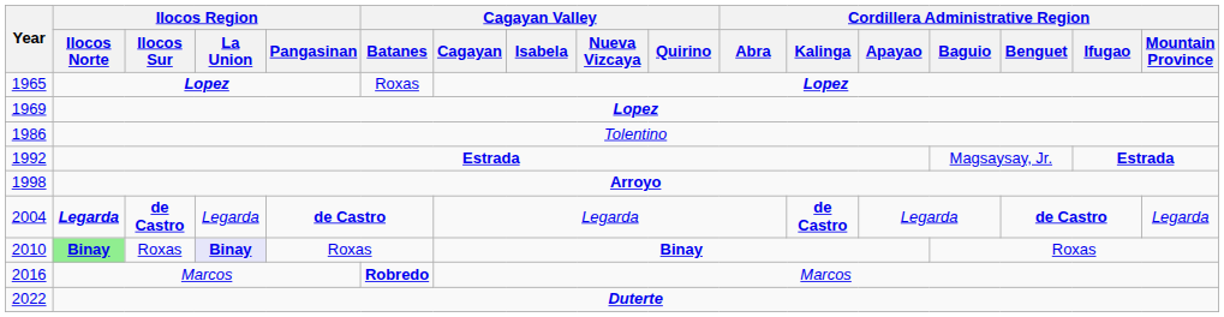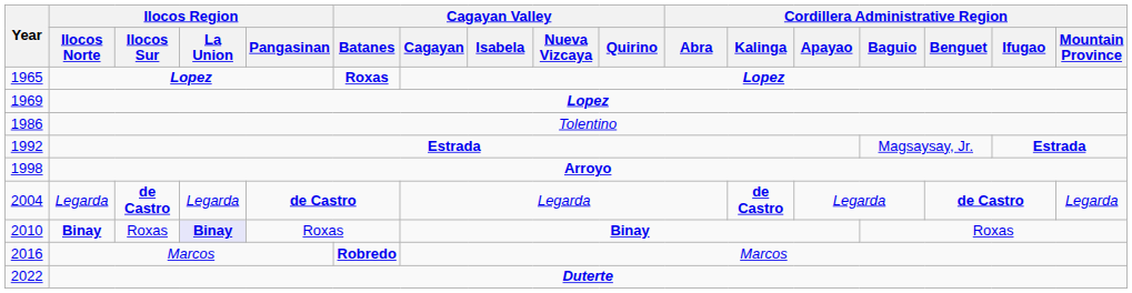 <table class="wikitable" style="text-align:center;">
 <tr>
 <th rowspan="2" width="4%">Year</th>
 <th colspan="4"><a href='#'>Ilocos Region</a></th>
 <th colspan="5"><a href='#'>Cagayan Valley</a></th>
 <th colspan="7"><a href='#'>Cordillera Administrative Region</a></th>
 </tr>
 <tr>
 <th width="6%"><a href='#'>Ilocos Norte</a></th>
 <th width="6%"><a href='#'>Ilocos Sur</a></th>
 <th width="6%"><a href='#'>La Union</a></th>
 <th width="6%"><a href='#'>Pangasinan</a></th>
 <th width="6%"><a href='#'>Batanes</a></th>
 <th width="6%"><a href='#'>Cagayan</a></th>
 <th width="6%"><a href='#'>Isabela</a></th>
 <th width="6%"><a href='#'>Nueva Vizcaya</a></th>
 <th width="6%"><a href='#'>Quirino</a></th>
 <th width="6%"><a href='#'>Abra</a></th>
 <th width="6%"><a href='#'>Kalinga</a></th>
 <th width="6%"><a href='#'>Apayao</a></th>
 <th width="6%"><a href='#'>Baguio</a></th>
 <th width="6%"><a href='#'>Benguet</a></th>
 <th width="6%"><a href='#'>Ifugao</a></th>
 <th width="6%"><a href='#'>Mountain Province</a></th>
 </tr>
 <tr>
 <td><a href='#'>1965</a></td>
 <td colspan="4"><strong><em><a href='#'>Lopez</a></em></strong></td>
-<td><a href='#'>Roxas</a></td>
+<td><strong><a href='#'>Roxas</a></strong></td>
 <td colspan="11"><strong><em><a href='#'>Lopez</a></em></strong></td>
 </tr>
 <tr>
 <td><a href='#'>1969</a></td>
 <td colspan="16"><strong><em><a href='#'>Lopez</a></em></strong></td>
 </tr>
 <tr>
 <td><a href='#'>1986</a></td>
 <td colspan="16"><em><a href='#'>Tolentino</a></em></td>
 </tr>
 <tr>
 <td><a href='#'>1992</a></td>
 <td colspan="12"><strong><a href='#'>Estrada</a></strong></td>
 <td colspan="2"><a href='#'>Magsaysay, Jr.</a></td>
 <td colspan="2"><strong><a href='#'>Estrada</a></strong></td>
 </tr>
 <tr>
 <td><a href='#'>1998</a></td>
 <td colspan="16"><strong><a href='#'>Arroyo</a></strong></td>
 </tr>
 <tr>
 <td><a href='#'>2004</a></td>
-<td><strong><em><a href='#'>Legarda</a></em></strong></td>
+<td><em><a href='#'>Legarda</a></em></td>
 <td><strong><a href='#'>de Castro</a></strong></td>
 <td><em><a href='#'>Legarda</a></em></td>
 <td colspan="2"><strong><a href='#'>de Castro</a></strong></td>
 <td colspan="5"><em><a href='#'>Legarda</a></em></td>
 <td><strong><a href='#'>de Castro</a></strong></td>
 <td colspan="2"><em><a href='#'>Legarda</a></em></td>
 <td colspan = "2"><strong><a href='#'>de Castro</a></strong></td>
 <td><em><a href='#'>Legarda</a></em></td>
 </tr>
 <tr>
 <td><a href='#'>2010</a></td>
-<td style="background: lightgreen;"><strong><a href='#'>Binay</a></strong></td>
+<td><strong><a href='#'>Binay</a></strong></td>
 <td><a href='#'>Roxas</a></td>
 <td style="background: lavender;"><strong><a href='#'>Binay</a></strong></td>
 <td colspan ="2"><a href='#'>Roxas</a></td>
 <td colspan = "7"><strong><a href='#'>Binay</a></strong></td>
 <td colspan="4"><a href='#'>Roxas</a></td>
 </tr>
 <tr>
 <td><a href='#'>2016</a></td>
 <td colspan="4"><em><a href='#'>Marcos</a></em></td>
 <td><strong><a href='#'>Robredo</a></strong></td>
 <td colspan="11"><em><a href='#'>Marcos</a></em></td>
 </tr>
 <tr>
 <td><a href='#'>2022</a></td>
 <td colspan=16><strong><em><a href='#'>Duterte</a></em></strong></td>
 </tr>
 </table>
